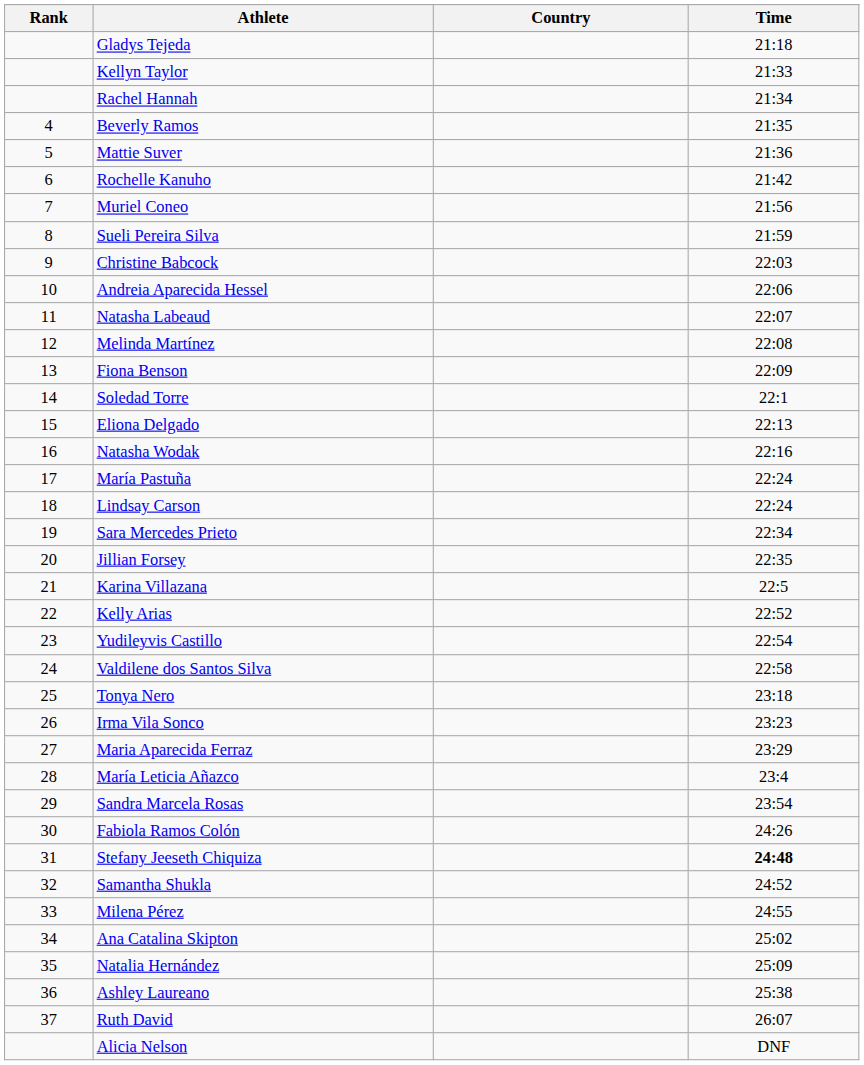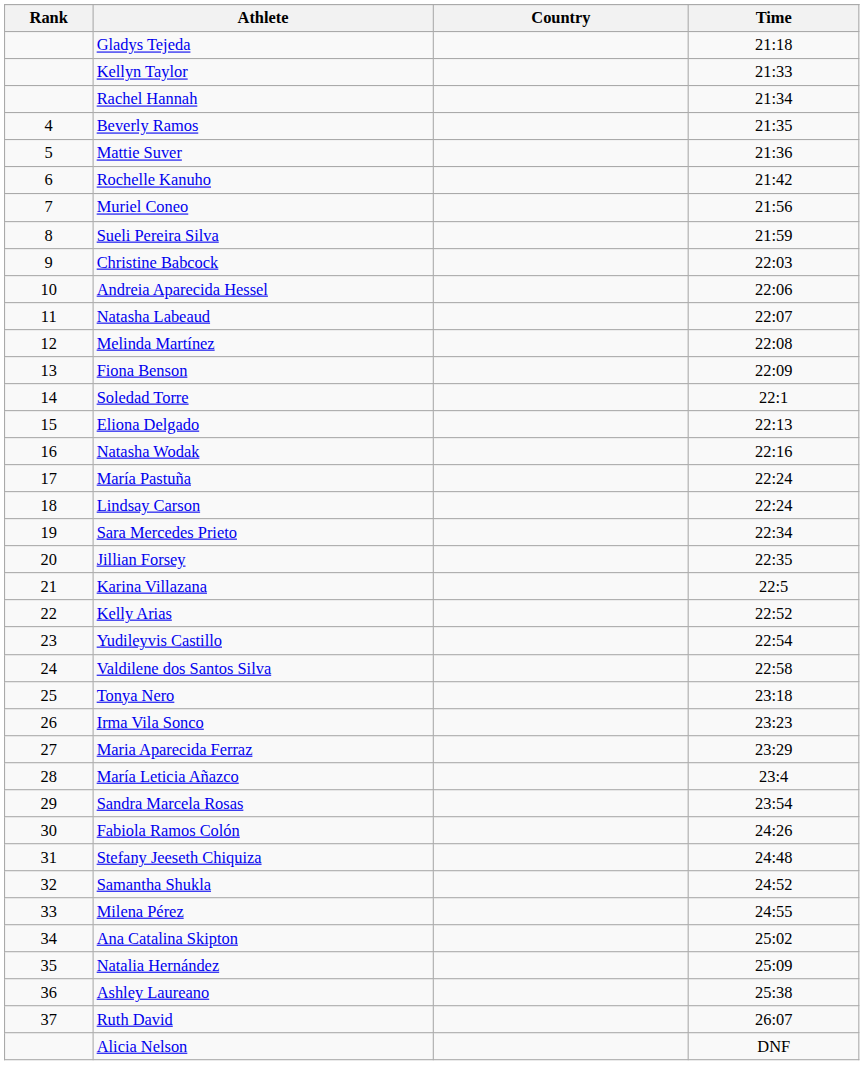 <table class="wikitable sortable" style=" text-align:center; font-size:95%;" width="50%">
 <tr>
 </tr>
 <tr>
 <th width=5%>Rank</th>
 <th width=20%>Athlete</th>
 <th width=15%>Country</th>
 <th width=10%>Time</th>
 </tr>
 <tr>
 <td align=center></td>
 <td align=left><a href='#'>Gladys Tejeda</a></td>
 <td align=left></td>
 <td>21:18</td>
 </tr>
 <tr>
 <td align=center></td>
 <td align=left><a href='#'>Kellyn Taylor</a></td>
 <td align=left></td>
 <td>21:33</td>
 </tr>
 <tr>
 <td align=center></td>
 <td align=left><a href='#'>Rachel Hannah</a></td>
 <td align=left></td>
 <td>21:34</td>
 </tr>
 <tr>
 <td align=center>4</td>
 <td align=left><a href='#'>Beverly Ramos</a></td>
 <td align=left></td>
 <td>21:35</td>
 </tr>
 <tr>
 <td align=center>5</td>
 <td align=left><a href='#'>Mattie Suver</a></td>
 <td align=left></td>
 <td>21:36</td>
 </tr>
 <tr>
 <td align=center>6</td>
 <td align=left><a href='#'>Rochelle Kanuho</a></td>
 <td align=left></td>
 <td>21:42</td>
 </tr>
 <tr>
 <td align=center>7</td>
 <td align=left><a href='#'>Muriel Coneo</a></td>
 <td align=left></td>
 <td>21:56</td>
 </tr>
 <tr>
 <td align=center>8</td>
 <td align=left><a href='#'>Sueli Pereira Silva</a></td>
 <td align=left></td>
 <td>21:59</td>
 </tr>
 <tr>
 <td align=center>9</td>
 <td align=left><a href='#'>Christine Babcock</a></td>
 <td align=left></td>
 <td>22:03</td>
 </tr>
 <tr>
 <td align=center>10</td>
 <td align=left><a href='#'>Andreia Aparecida Hessel</a></td>
 <td align=left></td>
 <td>22:06</td>
 </tr>
 <tr>
 <td align=center>11</td>
 <td align=left><a href='#'>Natasha Labeaud</a></td>
 <td align=left></td>
 <td>22:07</td>
 </tr>
 <tr>
 <td align=center>12</td>
 <td align=left><a href='#'>Melinda Martínez</a></td>
 <td align=left></td>
 <td>22:08</td>
 </tr>
 <tr>
 <td align=center>13</td>
 <td align=left><a href='#'>Fiona Benson</a></td>
 <td align=left></td>
 <td>22:09</td>
 </tr>
 <tr>
 <td align=center>14</td>
 <td align=left><a href='#'>Soledad Torre</a></td>
 <td align=left></td>
 <td>22:1</td>
 </tr>
 <tr>
 <td align=center>15</td>
 <td align=left><a href='#'>Eliona Delgado</a></td>
 <td align=left></td>
 <td>22:13</td>
 </tr>
 <tr>
 <td align=center>16</td>
 <td align=left><a href='#'>Natasha Wodak</a></td>
 <td align=left></td>
 <td>22:16</td>
 </tr>
 <tr>
 <td align=center>17</td>
 <td align=left><a href='#'>María Pastuña</a></td>
 <td align=left></td>
 <td>22:24</td>
 </tr>
 <tr>
 <td align=center>18</td>
 <td align=left><a href='#'>Lindsay Carson</a></td>
 <td align=left></td>
 <td>22:24</td>
 </tr>
 <tr>
 <td align=center>19</td>
 <td align=left><a href='#'>Sara Mercedes Prieto</a></td>
 <td align=left></td>
 <td>22:34</td>
 </tr>
 <tr>
 <td align=center>20</td>
 <td align=left><a href='#'>Jillian Forsey</a></td>
 <td align=left></td>
 <td>22:35</td>
 </tr>
 <tr>
 <td align=center>21</td>
 <td align=left><a href='#'>Karina Villazana</a></td>
 <td align=left></td>
 <td>22:5</td>
 </tr>
 <tr>
 <td align=center>22</td>
 <td align=left><a href='#'>Kelly Arias</a></td>
 <td align=left></td>
 <td>22:52</td>
 </tr>
 <tr>
 <td align=center>23</td>
 <td align=left><a href='#'>Yudileyvis Castillo</a></td>
 <td align=left></td>
 <td>22:54</td>
 </tr>
 <tr>
 <td align=center>24</td>
 <td align=left><a href='#'>Valdilene dos Santos Silva</a></td>
 <td align=left></td>
 <td>22:58</td>
 </tr>
 <tr>
 <td align=center>25</td>
 <td align=left><a href='#'>Tonya Nero</a></td>
 <td align=left></td>
 <td>23:18</td>
 </tr>
 <tr>
 <td align=center>26</td>
 <td align=left><a href='#'>Irma Vila Sonco</a></td>
 <td align=left></td>
 <td>23:23</td>
 </tr>
 <tr>
 <td align=center>27</td>
 <td align=left><a href='#'>Maria Aparecida Ferraz</a></td>
 <td align=left></td>
 <td>23:29</td>
 </tr>
 <tr>
 <td align=center>28</td>
 <td align=left><a href='#'>María Leticia Añazco</a></td>
 <td align=left></td>
 <td>23:4</td>
 </tr>
 <tr>
 <td align=center>29</td>
 <td align=left><a href='#'>Sandra Marcela Rosas</a></td>
 <td align=left></td>
 <td>23:54</td>
 </tr>
 <tr>
 <td align=center>30</td>
 <td align=left><a href='#'>Fabiola Ramos Colón</a></td>
 <td align=left></td>
 <td>24:26</td>
 </tr>
 <tr>
 <td align=center>31</td>
 <td align=left><a href='#'>Stefany Jeeseth Chiquiza</a></td>
 <td align=left></td>
-<td><strong>24:48</strong></td>
+<td>24:48</td>
 </tr>
 <tr>
 <td align=center>32</td>
 <td align=left><a href='#'>Samantha Shukla</a></td>
 <td align=left></td>
 <td>24:52</td>
 </tr>
 <tr>
 <td align=center>33</td>
 <td align=left><a href='#'>Milena Pérez</a></td>
 <td align=left></td>
 <td>24:55</td>
 </tr>
 <tr>
 <td align=center>34</td>
 <td align=left><a href='#'>Ana Catalina Skipton</a></td>
 <td align=left></td>
 <td>25:02</td>
 </tr>
 <tr>
 <td align=center>35</td>
 <td align=left><a href='#'>Natalia Hernández</a></td>
 <td align=left></td>
 <td>25:09</td>
 </tr>
 <tr>
 <td align=center>36</td>
 <td align=left><a href='#'>Ashley Laureano</a></td>
 <td align=left></td>
 <td>25:38</td>
 </tr>
 <tr>
 <td align=center>37</td>
 <td align=left><a href='#'>Ruth David</a></td>
 <td align=left></td>
 <td>26:07</td>
 </tr>
 <tr>
 <td align=center></td>
 <td align=left><a href='#'>Alicia Nelson</a></td>
 <td align=left></td>
 <td>DNF</td>
 </tr>
 </table>
